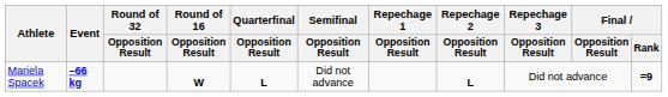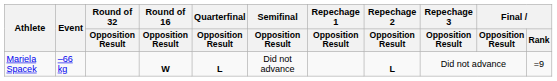 <table class=wikitable style=font-size:90%;text-align:center>
 <tr>
 <th rowspan=2>Athlete</th>
 <th rowspan=2>Event</th>
 <th>Round of 32</th>
 <th>Round of 16</th>
 <th>Quarterfinal</th>
 <th>Semifinal</th>
 <th>Repechage 1</th>
 <th>Repechage 2</th>
 <th>Repechage 3</th>
 <th colspan=2>Final / </th>
 </tr>
 <tr style=font-size:95%>
 <th>Opposition<br>Result</th>
 <th>Opposition<br>Result</th>
 <th>Opposition<br>Result</th>
 <th>Opposition<br>Result</th>
 <th>Opposition<br>Result</th>
 <th>Opposition<br>Result</th>
 <th>Opposition<br>Result</th>
 <th>Opposition<br>Result</th>
 <th>Rank</th>
 </tr>
 <tr>
 <td align=left><a href='#'>Mariela Spacek</a></td>
-<td align=left><strong><a href='#'>–66 kg</a></strong></td>
+<td align=left><a href='#'>–66 kg</a></td>
 <td></td>
 <td><br><strong>W</strong></td>
 <td><br><strong>L</strong></td>
 <td>Did not advance</td>
 <td></td>
 <td><br><strong>L</strong></td>
 <td colspan=2>Did not advance</td>
-<td><strong>=9</strong></td>
+<td>=9</td>
 </tr>
 </table>
